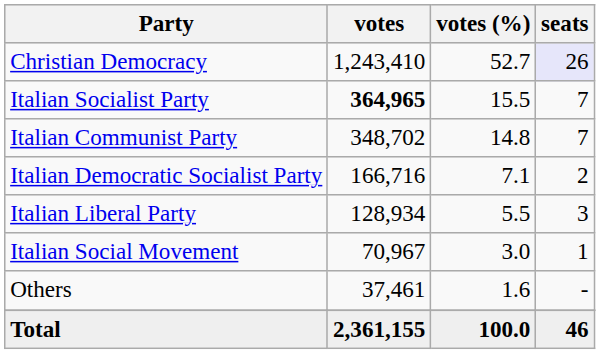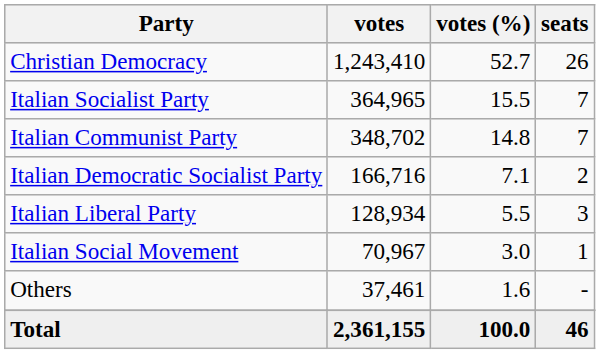 <table class="wikitable" style="font-size:95%">
 <tr bgcolor="EFEFEF">
 <th>Party</th>
 <th>votes</th>
 <th>votes (%)</th>
 <th>seats</th>
 </tr>
 <tr>
 <td><a href='#'>Christian Democracy</a></td>
 <td align=right>1,243,410</td>
 <td align=right>52.7</td>
-<td align=right style="background: lavender;">26</td>
+<td align=right>26</td>
 </tr>
 <tr>
 <td><a href='#'>Italian Socialist Party</a></td>
-<td align=right><strong>364,965</strong></td>
+<td align=right>364,965</td>
 <td align=right>15.5</td>
 <td align=right>7</td>
 </tr>
 <tr>
 <td><a href='#'>Italian Communist Party</a></td>
 <td align=right>348,702</td>
 <td align=right>14.8</td>
 <td align=right>7</td>
 </tr>
 <tr>
 <td><a href='#'>Italian Democratic Socialist Party</a></td>
 <td align=right>166,716</td>
 <td align=right>7.1</td>
 <td align=right>2</td>
 </tr>
 <tr>
 <td><a href='#'>Italian Liberal Party</a></td>
 <td align=right>128,934</td>
 <td align=right>5.5</td>
 <td align=right>3</td>
 </tr>
 <tr>
 <td><a href='#'>Italian Social Movement</a></td>
 <td align=right>70,967</td>
 <td align=right>3.0</td>
 <td align=right>1</td>
 </tr>
 <tr>
 <td>Others</td>
 <td align=right>37,461</td>
 <td align=right>1.6</td>
 <td align=right>-</td>
 </tr>
 <tr>
 </tr>
 <tr bgcolor="EFEFEF">
 <td><strong>Total</strong></td>
 <td align=right><strong>2,361,155</strong></td>
 <td align=right><strong>100.0</strong></td>
 <td align=right><strong>46</strong></td>
 </tr>
 </table>
